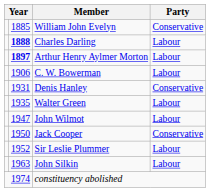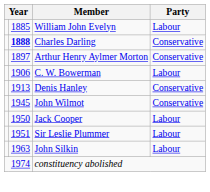 <table class="wikitable">
 <tr>
 <th colspan="2">Year</th>
 <th>Member</th>
 <th>Party</th>
 </tr>
 <tr>
 <td style="color:inherit;background-color: "></td>
 <td><a href='#'>1885</a></td>
 <td><a href='#'>William John Evelyn</a></td>
-<td><a href='#'>Conservative</a></td>
+<td><a href='#'>Labour</a></td>
 </tr>
 <tr>
 <td style="color:inherit;background-color: "></td>
 <td><strong><a href='#'>1888</a></strong></td>
 <td><a href='#'>Charles Darling</a></td>
-<td><a href='#'>Labour</a></td>
+<td><a href='#'>Conservative</a></td>
 </tr>
 <tr>
 <td style="color:inherit;background-color: "></td>
-<td><strong><a href='#'>1897</a></strong></td>
+<td><a href='#'>1897</a></td>
 <td><a href='#'>Arthur Henry Aylmer Morton</a></td>
-<td><a href='#'>Labour</a></td>
+<td><a href='#'>Conservative</a></td>
 </tr>
 <tr>
 <td style="color:inherit;background-color: "></td>
 <td><a href='#'>1906</a></td>
 <td><a href='#'>C. W. Bowerman</a></td>
 <td><a href='#'>Labour</a></td>
 </tr>
 <tr>
 <td style="color:inherit;background-color: "></td>
-<td><a href='#'>1931</a></td>
+<td><a href='#'>1913</a></td>
 <td><a href='#'>Denis Hanley</a></td>
 <td><a href='#'>Conservative</a></td>
 </tr>
 <tr>
 <td style="color:inherit;background-color: "></td>
-<td><a href='#'>1935</a></td>
-<td><a href='#'>Walter Green</a></td>
-<td><a href='#'>Labour</a></td>
-</tr>
-<tr>
-<td style="color:inherit;background-color: "></td>
-<td><a href='#'>1947</a></td>
+<td><a href='#'>1945</a></td>
 <td><a href='#'>John Wilmot</a></td>
-<td><a href='#'>Labour</a></td>
+<td><a href='#'>Conservative</a></td>
 </tr>
 <tr>
 <td style="color:inherit;background-color: "></td>
 <td><a href='#'>1950</a></td>
 <td><a href='#'>Jack Cooper</a></td>
-<td><a href='#'>Conservative</a></td>
+<td><a href='#'>Labour</a></td>
 </tr>
 <tr>
 <td style="color:inherit;background-color: "></td>
-<td><a href='#'>1952</a></td>
+<td><a href='#'>1951</a></td>
 <td><a href='#'>Sir Leslie Plummer</a></td>
 <td><a href='#'>Labour</a></td>
 </tr>
 <tr>
 <td style="color:inherit;background-color: "></td>
 <td><a href='#'>1963</a></td>
 <td><a href='#'>John Silkin</a></td>
 <td><a href='#'>Labour</a></td>
 </tr>
 <tr>
 <td colspan="2" align="right"><a href='#'>1974</a></td>
 <td colspan="2"><em>constituency abolished</em></td>
 </tr>
 </table>
